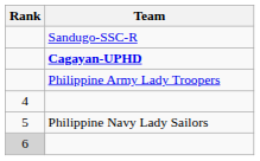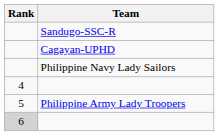 <table class="wikitable" style="text-align: center;">
 <tr>
 <th width=40>Rank</th>
 <th width=240>Team</th>
 </tr>
 <tr>
 <td></td>
 <td style="text-align:left"> <a href='#'>Sandugo-SSC-R</a></td>
 </tr>
 <tr>
 <td></td>
-<td style="text-align:left"><strong> <a href='#'>Cagayan-UPHD</a></strong></td>
+<td style="text-align:left"> <a href='#'>Cagayan-UPHD</a></td>
 </tr>
 <tr>
 <td></td>
-<td style="text-align:left"> <a href='#'>Philippine Army Lady Troopers</a></td>
+<td style="text-align:left"> Philippine Navy Lady Sailors</td>
 </tr>
 <tr>
 <td>4</td>
 <td style="text-align:left"></td>
 </tr>
 <tr>
 <td>5</td>
-<td style="text-align:left"> Philippine Navy Lady Sailors</td>
+<td style="text-align:left"> <a href='#'>Philippine Army Lady Troopers</a></td>
 </tr>
 <tr>
 <td style="background: lightgrey;">6</td>
 <td style="text-align:left"></td>
 </tr>
 </table>
